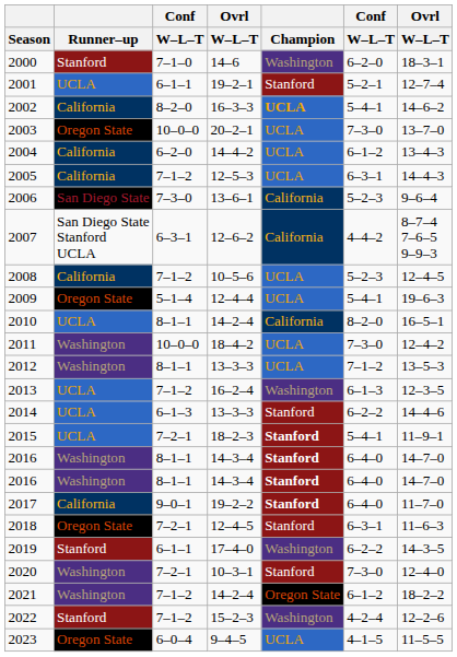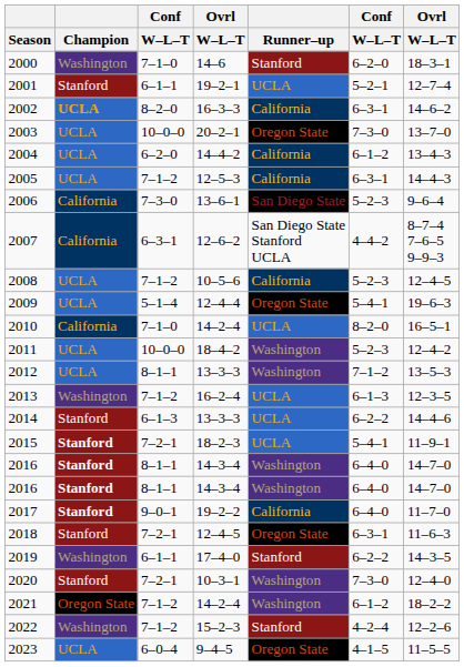 <table class="wikitable">
 <tr>
 <th></th>
 <th></th>
 <th>Conf</th>
 <th>Ovrl</th>
 <th></th>
 <th>Conf</th>
 <th>Ovrl</th>
 </tr>
 <tr>
 <th>Season</th>
-<th>Runner–up</th>
+<th>Champion</th>
 <th>W–L–T</th>
 <th>W–L–T</th>
-<th>Champion</th>
+<th>Runner–up</th>
 <th>W–L–T</th>
 <th>W–L–T</th>
 </tr>
 <tr>
 <td>2000</td>
-<td style="background:#8C1515; color:#FFFFFF;">Stanford</td>
+<td style="background:#4B2E83; color:#B7A57A;">Washington</td>
 <td>7–1–0</td>
 <td>14–6</td>
-<td style="background:#4B2E83; color:#B7A57A;">Washington</td>
+<td style="background:#8C1515; color:#FFFFFF;">Stanford</td>
 <td>6–2–0</td>
 <td>18–3–1</td>
 </tr>
 <tr>
 <td>2001</td>
-<td style="background:#2D68C4; color:#F2A900;">UCLA</td>
+<td style="background:#8C1515; color:#FFFFFF;">Stanford</td>
 <td>6–1–1</td>
 <td>19–2–1</td>
-<td style="background:#8C1515; color:#FFFFFF;">Stanford</td>
+<td style="background:#2D68C4; color:#F2A900;">UCLA</td>
 <td>5–2–1</td>
 <td>12–7–4</td>
 </tr>
 <tr>
 <td>2002</td>
-<td style="background:#003262; color:#FDB515;">California</td>
+<td style="background:#2D68C4; color:#F2A900;"><strong>UCLA</strong></td>
 <td>8–2–0</td>
 <td>16–3–3</td>
-<td style="background:#2D68C4; color:#F2A900;"><strong>UCLA</strong></td>
-<td>5–4–1</td>
+<td style="background:#003262; color:#FDB515;">California</td>
+<td>6–3–1</td>
 <td>14–6–2</td>
 </tr>
 <tr>
 <td>2003</td>
-<td style="background:#000000; color:#DC4405;">Oregon State</td>
+<td style="background:#2D68C4; color:#F2A900;">UCLA</td>
 <td>10–0–0</td>
 <td>20–2–1</td>
-<td style="background:#2D68C4; color:#F2A900;">UCLA</td>
+<td style="background:#000000; color:#DC4405;">Oregon State</td>
 <td>7–3–0</td>
 <td>13–7–0</td>
 </tr>
 <tr>
 <td>2004</td>
-<td style="background:#003262; color:#FDB515;">California</td>
+<td style="background:#2D68C4; color:#F2A900;">UCLA</td>
 <td>6–2–0</td>
 <td>14–4–2</td>
-<td style="background:#2D68C4; color:#F2A900;">UCLA</td>
+<td style="background:#003262; color:#FDB515;">California</td>
 <td>6–1–2</td>
 <td>13–4–3</td>
 </tr>
 <tr>
 <td>2005</td>
-<td style="background:#003262; color:#FDB515;">California</td>
+<td style="background:#2D68C4; color:#F2A900;">UCLA</td>
 <td>7–1–2</td>
 <td>12–5–3</td>
-<td style="background:#2D68C4; color:#F2A900;">UCLA</td>
+<td style="background:#003262; color:#FDB515;">California</td>
 <td>6–3–1</td>
 <td>14–4–3</td>
 </tr>
 <tr>
 <td>2006</td>
-<td style="background:#000000; color:#A6192E;">San Diego State</td>
+<td style="background:#003262; color:#FDB515;">California</td>
 <td>7–3–0</td>
 <td>13–6–1</td>
-<td style="background:#003262; color:#FDB515;">California</td>
+<td style="background:#000000; color:#A6192E;">San Diego State</td>
 <td>5–2–3</td>
 <td>9–6–4</td>
 </tr>
 <tr>
 <td>2007</td>
-<td>San Diego State <br>Stanford <br>UCLA</td>
+<td style="background:#003262; color:#FDB515;">California</td>
 <td>6–3–1</td>
 <td>12–6–2</td>
-<td style="background:#003262; color:#FDB515;">California</td>
+<td>San Diego State <br>Stanford <br>UCLA</td>
 <td>4–4–2</td>
 <td>8–7–4 <br>7–6–5 <br>9–9–3</td>
 </tr>
 <tr>
 <td>2008</td>
-<td style="background:#003262; color:#FDB515;">California</td>
+<td style="background:#2D68C4; color:#F2A900;">UCLA</td>
 <td>7–1–2</td>
 <td>10–5–6</td>
-<td style="background:#2D68C4; color:#F2A900;">UCLA</td>
+<td style="background:#003262; color:#FDB515;">California</td>
 <td>5–2–3</td>
 <td>12–4–5</td>
 </tr>
 <tr>
 <td>2009</td>
-<td style="background:#000000; color:#DC4405;">Oregon State</td>
+<td style="background:#2D68C4; color:#F2A900;">UCLA</td>
 <td>5–1–4</td>
 <td>12–4–4</td>
-<td style="background:#2D68C4; color:#F2A900;">UCLA</td>
+<td style="background:#000000; color:#DC4405;">Oregon State</td>
 <td>5–4–1</td>
 <td>19–6–3</td>
 </tr>
 <tr>
 <td>2010</td>
+<td style="background:#003262; color:#FDB515;">California</td>
+<td>7–1–0</td>
+<td>14–2–4</td>
 <td style="background:#2D68C4; color:#F2A900;">UCLA</td>
-<td>8–1–1</td>
-<td>14–2–4</td>
-<td style="background:#003262; color:#FDB515;">California</td>
 <td>8–2–0</td>
 <td>16–5–1</td>
 </tr>
 <tr>
 <td>2011</td>
-<td style="background:#4B2E83; color:#B7A57A;">Washington</td>
+<td style="background:#2D68C4; color:#F2A900;">UCLA</td>
 <td>10–0–0</td>
 <td>18–4–2</td>
-<td style="background:#2D68C4; color:#F2A900;">UCLA</td>
-<td>7–3–0</td>
+<td style="background:#4B2E83; color:#B7A57A;">Washington</td>
+<td>5–2–3</td>
 <td>12–4–2</td>
 </tr>
 <tr>
 <td>2012</td>
-<td style="background:#4B2E83; color:#B7A57A;">Washington</td>
+<td style="background:#2D68C4; color:#F2A900;">UCLA</td>
 <td>8–1–1</td>
 <td>13–3–3</td>
-<td style="background:#2D68C4; color:#F2A900;">UCLA</td>
+<td style="background:#4B2E83; color:#B7A57A;">Washington</td>
 <td>7–1–2</td>
 <td>13–5–3</td>
 </tr>
 <tr>
 <td>2013</td>
-<td style="background:#2D68C4; color:#F2A900;">UCLA</td>
+<td style="background:#4B2E83; color:#B7A57A;">Washington</td>
 <td>7–1–2</td>
 <td>16–2–4</td>
-<td style="background:#4B2E83; color:#B7A57A;">Washington</td>
+<td style="background:#2D68C4; color:#F2A900;">UCLA</td>
 <td>6–1–3</td>
 <td>12–3–5</td>
 </tr>
 <tr>
 <td>2014</td>
-<td style="background:#2D68C4; color:#F2A900;">UCLA</td>
+<td style="background:#8C1515; color:#FFFFFF;">Stanford</td>
 <td>6–1–3</td>
 <td>13–3–3</td>
-<td style="background:#8C1515; color:#FFFFFF;">Stanford</td>
+<td style="background:#2D68C4; color:#F2A900;">UCLA</td>
 <td>6–2–2</td>
 <td>14–4–6</td>
 </tr>
 <tr>
 <td>2015</td>
-<td style="background:#2D68C4; color:#F2A900;">UCLA</td>
+<td style="background:#8C1515; color:#FFFFFF;"><strong>Stanford</strong></td>
 <td>7–2–1</td>
 <td>18–2–3</td>
-<td style="background:#8C1515; color:#FFFFFF;"><strong>Stanford</strong></td>
+<td style="background:#2D68C4; color:#F2A900;">UCLA</td>
 <td>5–4–1</td>
 <td>11–9–1</td>
 </tr>
 <tr>
 <td>2016</td>
-<td style="background:#4B2E83; color:#B7A57A;">Washington</td>
+<td style="background:#8C1515; color:#FFFFFF;"><strong>Stanford</strong></td>
 <td>8–1–1</td>
 <td>14–3–4</td>
-<td style="background:#8C1515; color:#FFFFFF;"><strong>Stanford</strong></td>
+<td style="background:#4B2E83; color:#B7A57A;">Washington</td>
 <td>6–4–0</td>
 <td>14–7–0</td>
 </tr>
 <tr>
 <td>2016</td>
-<td style="background:#4B2E83; color:#B7A57A;">Washington</td>
+<td style="background:#8C1515; color:#FFFFFF;"><strong>Stanford</strong></td>
 <td>8–1–1</td>
 <td>14–3–4</td>
-<td style="background:#8C1515; color:#FFFFFF;"><strong>Stanford</strong></td>
+<td style="background:#4B2E83; color:#B7A57A;">Washington</td>
 <td>6–4–0</td>
 <td>14–7–0</td>
 </tr>
 <tr>
 <td>2017</td>
-<td style="background:#003262; color:#FDB515;">California</td>
+<td style="background:#8C1515; color:#FFFFFF;"><strong>Stanford</strong></td>
 <td>9–0–1</td>
 <td>19–2–2</td>
-<td style="background:#8C1515; color:#FFFFFF;"><strong>Stanford</strong></td>
+<td style="background:#003262; color:#FDB515;">California</td>
 <td>6–4–0</td>
 <td>11–7–0</td>
 </tr>
 <tr>
 <td>2018</td>
-<td style="background:#000000; color:#DC4405;">Oregon State</td>
+<td style="background:#8C1515; color:#FFFFFF;">Stanford</td>
 <td>7–2–1</td>
 <td>12–4–5</td>
-<td style="background:#8C1515; color:#FFFFFF;">Stanford</td>
+<td style="background:#000000; color:#DC4405;">Oregon State</td>
 <td>6–3–1</td>
 <td>11–6–3</td>
 </tr>
 <tr>
 <td>2019</td>
-<td style="background:#8C1515; color:#FFFFFF;">Stanford</td>
+<td style="background:#4B2E83; color:#B7A57A;">Washington</td>
 <td>6–1–1</td>
 <td>17–4–0</td>
-<td style="background:#4B2E83; color:#B7A57A;">Washington</td>
+<td style="background:#8C1515; color:#FFFFFF;">Stanford</td>
 <td>6–2–2</td>
 <td>14–3–5</td>
 </tr>
 <tr>
 <td>2020</td>
-<td style="background:#4B2E83; color:#B7A57A;">Washington</td>
+<td style="background:#8C1515; color:#FFFFFF;">Stanford</td>
 <td>7–2–1</td>
 <td>10–3–1</td>
-<td style="background:#8C1515; color:#FFFFFF;">Stanford</td>
+<td style="background:#4B2E83; color:#B7A57A;">Washington</td>
 <td>7–3–0</td>
 <td>12–4–0</td>
 </tr>
 <tr>
 <td>2021</td>
-<td style="background:#4B2E83; color:#B7A57A;">Washington</td>
+<td style="background:#000000; color:#DC4405;">Oregon State</td>
 <td>7–1–2</td>
 <td>14–2–4</td>
-<td style="background:#000000; color:#DC4405;">Oregon State</td>
+<td style="background:#4B2E83; color:#B7A57A;">Washington</td>
 <td>6–1–2</td>
 <td>18–2–2</td>
 </tr>
 <tr>
 <td>2022</td>
-<td style="background:#8C1515; color:#FFFFFF;">Stanford</td>
+<td style="background:#4B2E83; color:#B7A57A;">Washington</td>
 <td>7–1–2</td>
 <td>15–2–3</td>
-<td style="background:#4B2E83; color:#B7A57A;">Washington</td>
+<td style="background:#8C1515; color:#FFFFFF;">Stanford</td>
 <td>4–2–4</td>
 <td>12–2–6</td>
 </tr>
 <tr>
 <td>2023</td>
-<td style="background:#000000; color:#DC4405;">Oregon State</td>
+<td style="background:#2D68C4; color:#F2A900;">UCLA</td>
 <td>6–0–4</td>
 <td>9–4–5</td>
-<td style="background:#2D68C4; color:#F2A900;">UCLA</td>
+<td style="background:#000000; color:#DC4405;">Oregon State</td>
 <td>4–1–5</td>
 <td>11–5–5</td>
 </tr>
 </table>
